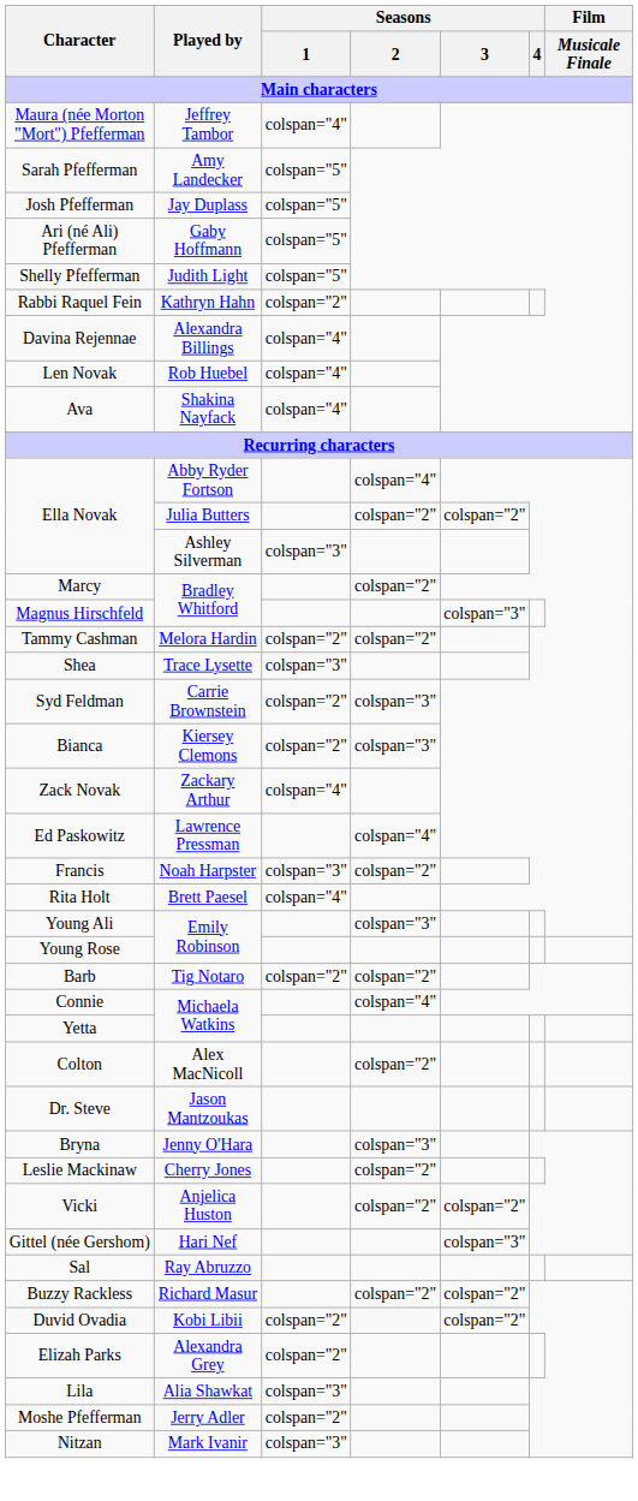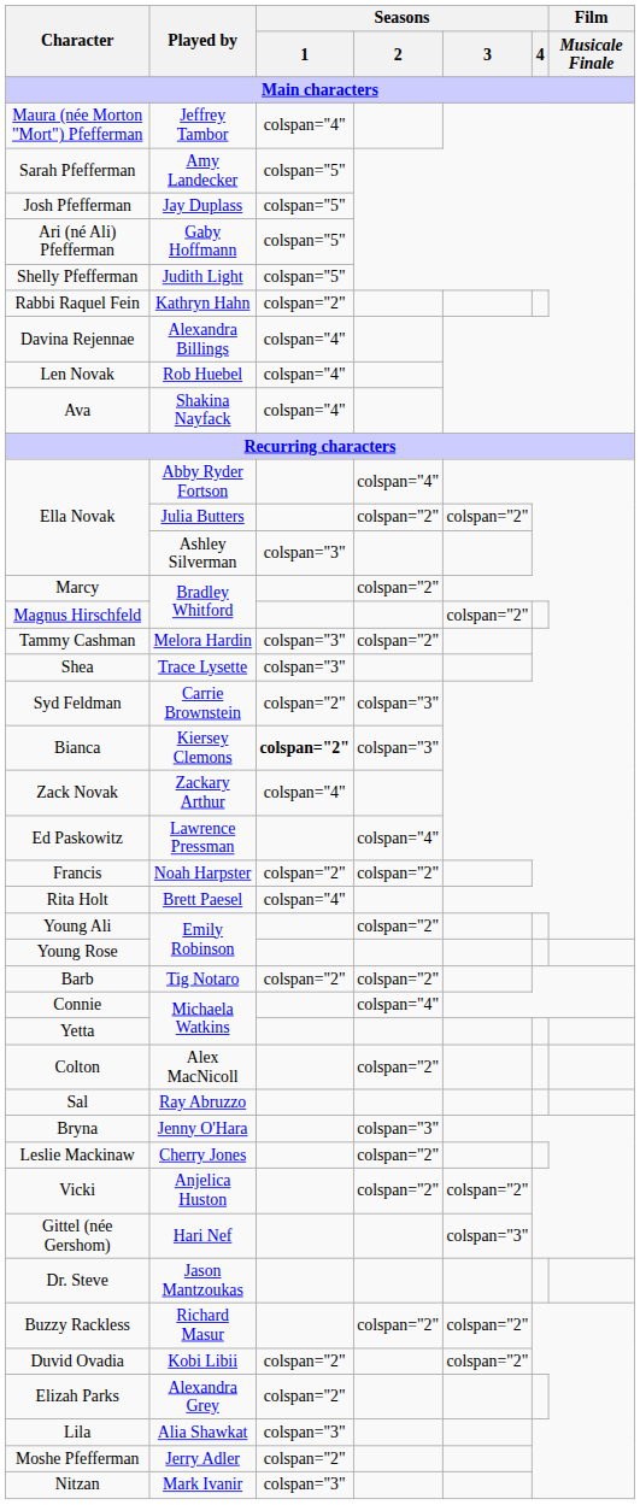 <table class="wikitable plainrowheaders" style="text-align:center;">
 <tr>
 <th scope="col" rowspan="2">Character</th>
 <th scope="col" rowspan="2">Played by</th>
 <th scope="col" colspan="4">Seasons</th>
 <th scope="col">Film</th>
 </tr>
 <tr>
 <th>1</th>
 <th>2</th>
 <th>3</th>
 <th>4</th>
 <th><em>Musicale Finale</em></th>
 </tr>
 <tr>
 <th colspan="7" style="background:#ccf;"><a href='#'>Main characters</a></th>
 </tr>
 <tr>
 <td scope="row"><a href='#'>Maura (née Morton "Mort") Pfefferman</a></td>
 <td><a href='#'>Jeffrey Tambor</a></td>
 <td>colspan="4" </td>
 <td></td>
 </tr>
 <tr>
 <td scope="row">Sarah Pfefferman</td>
 <td><a href='#'>Amy Landecker</a></td>
 <td>colspan="5" </td>
 </tr>
 <tr>
 <td scope="row">Josh Pfefferman</td>
 <td><a href='#'>Jay Duplass</a></td>
 <td>colspan="5" </td>
 </tr>
 <tr>
 <td scope="row">Ari (né Ali) Pfefferman</td>
 <td><a href='#'>Gaby Hoffmann</a></td>
 <td>colspan="5" </td>
 </tr>
 <tr>
 <td scope="row">Shelly Pfefferman</td>
 <td><a href='#'>Judith Light</a></td>
 <td>colspan="5" </td>
 </tr>
 <tr>
 <td scope="row">Rabbi Raquel Fein</td>
 <td><a href='#'>Kathryn Hahn</a></td>
 <td>colspan="2" </td>
 <td></td>
 <td></td>
 <td></td>
 </tr>
 <tr>
 <td scope="row">Davina Rejennae</td>
 <td><a href='#'>Alexandra Billings</a></td>
 <td>colspan="4" </td>
 <td></td>
 </tr>
 <tr>
 <td scope="row">Len Novak</td>
 <td><a href='#'>Rob Huebel</a></td>
 <td>colspan="4" </td>
 <td></td>
 </tr>
 <tr>
 <td scope="row">Ava</td>
 <td><a href='#'>Shakina Nayfack</a></td>
 <td>colspan="4" </td>
 <td></td>
 </tr>
 <tr>
 <th colspan="7" style="background:#ccf;"><a href='#'>Recurring characters</a></th>
 </tr>
 <tr>
 <td rowspan="3" scope="row">Ella Novak</td>
 <td><a href='#'>Abby Ryder Fortson</a></td>
 <td></td>
 <td>colspan="4" </td>
 </tr>
 <tr>
 <td><a href='#'>Julia Butters</a></td>
 <td></td>
 <td>colspan="2" </td>
 <td>colspan="2" </td>
 </tr>
 <tr>
 <td>Ashley Silverman</td>
 <td>colspan="3" </td>
 <td></td>
 <td></td>
 </tr>
 <tr>
 <td scope="row">Marcy</td>
 <td rowspan="2"><a href='#'>Bradley Whitford</a></td>
 <td></td>
 <td>colspan="2" </td>
 </tr>
 <tr>
 <td scope="row"><a href='#'>Magnus Hirschfeld</a></td>
 <td></td>
 <td></td>
-<td>colspan="3" </td>
+<td>colspan="2" </td>
 <td></td>
 </tr>
 <tr>
 <td scope="row">Tammy Cashman</td>
 <td><a href='#'>Melora Hardin</a></td>
-<td>colspan="2" </td>
+<td>colspan="3" </td>
 <td>colspan="2" </td>
 <td></td>
 </tr>
 <tr>
 <td scope="row">Shea</td>
 <td><a href='#'>Trace Lysette</a></td>
 <td>colspan="3" </td>
 <td></td>
 <td></td>
 </tr>
 <tr>
 <td scope="row">Syd Feldman</td>
 <td><a href='#'>Carrie Brownstein</a></td>
 <td>colspan="2"</td>
 <td>colspan="3" </td>
 </tr>
 <tr>
 <td scope="row">Bianca</td>
 <td><a href='#'>Kiersey Clemons</a></td>
-<td>colspan="2" </td>
+<td><strong>colspan="2" </strong></td>
 <td>colspan="3" </td>
 </tr>
 <tr>
 <td scope="row">Zack Novak</td>
 <td><a href='#'>Zackary Arthur</a></td>
 <td>colspan="4" </td>
 <td></td>
 </tr>
 <tr>
 <td scope="row">Ed Paskowitz</td>
 <td><a href='#'>Lawrence Pressman</a></td>
 <td></td>
 <td>colspan="4" </td>
 </tr>
 <tr>
 <td scope="row">Francis</td>
 <td><a href='#'>Noah Harpster</a></td>
-<td>colspan="3" </td>
+<td>colspan="2" </td>
 <td>colspan="2" </td>
 <td></td>
 </tr>
 <tr>
 <td scope="row">Rita Holt</td>
 <td><a href='#'>Brett Paesel</a></td>
 <td>colspan="4" </td>
 <td></td>
 </tr>
 <tr>
 <td scope="row">Young Ali</td>
 <td rowspan="2"><a href='#'>Emily Robinson</a></td>
 <td></td>
-<td>colspan="3" </td>
+<td>colspan="2" </td>
 <td></td>
 <td></td>
 </tr>
 <tr>
 <td scope="row">Young Rose</td>
 <td></td>
 <td></td>
 <td></td>
 <td></td>
 <td></td>
 </tr>
 <tr>
 <td scope="row">Barb</td>
 <td><a href='#'>Tig Notaro</a></td>
 <td>colspan="2" </td>
 <td>colspan="2" </td>
 <td></td>
 </tr>
 <tr>
 <td scope="row">Connie</td>
 <td rowspan="2"><a href='#'>Michaela Watkins</a></td>
 <td></td>
 <td>colspan="4" </td>
 </tr>
 <tr>
 <td scope="row">Yetta</td>
 <td></td>
 <td></td>
 <td></td>
 <td></td>
 <td></td>
 </tr>
 <tr>
 <td scope="row">Colton</td>
 <td>Alex MacNicoll</td>
 <td></td>
 <td>colspan="2" </td>
 <td></td>
 <td></td>
 </tr>
 <tr>
-<td scope="row">Dr. Steve</td>
-<td><a href='#'>Jason Mantzoukas</a></td>
+<td scope="row">Sal</td>
+<td><a href='#'>Ray Abruzzo</a></td>
 <td></td>
 <td></td>
 <td></td>
 <td></td>
 <td></td>
 </tr>
 <tr>
 <td scope="row">Bryna</td>
 <td><a href='#'>Jenny O'Hara</a></td>
 <td></td>
 <td>colspan="3" </td>
 <td></td>
 </tr>
 <tr>
 <td scope="row">Leslie Mackinaw</td>
 <td><a href='#'>Cherry Jones</a></td>
 <td></td>
 <td>colspan="2" </td>
 <td></td>
 <td></td>
 </tr>
 <tr>
 <td scope="row">Vicki</td>
 <td><a href='#'>Anjelica Huston</a></td>
 <td></td>
 <td>colspan="2" </td>
 <td>colspan="2" </td>
 </tr>
 <tr>
 <td scope="row">Gittel (née Gershom)</td>
 <td><a href='#'>Hari Nef</a></td>
 <td></td>
 <td></td>
 <td>colspan="3" </td>
 </tr>
 <tr>
-<td scope="row">Sal</td>
-<td><a href='#'>Ray Abruzzo</a></td>
+<td scope="row">Dr. Steve</td>
+<td><a href='#'>Jason Mantzoukas</a></td>
 <td></td>
 <td></td>
 <td></td>
 <td></td>
 <td></td>
 </tr>
 <tr>
 <td scope="row">Buzzy Rackless</td>
 <td><a href='#'>Richard Masur</a></td>
 <td></td>
 <td>colspan="2" </td>
 <td>colspan="2" </td>
 </tr>
 <tr>
 <td scope="row">Duvid Ovadia</td>
 <td><a href='#'>Kobi Libii</a></td>
 <td>colspan="2" </td>
 <td></td>
 <td>colspan="2" </td>
 </tr>
 <tr>
 <td scope="row">Elizah Parks</td>
 <td><a href='#'>Alexandra Grey</a></td>
 <td>colspan="2" </td>
 <td></td>
 <td></td>
 <td></td>
 </tr>
 <tr>
 <td scope="row">Lila</td>
 <td><a href='#'>Alia Shawkat</a></td>
 <td>colspan="3" </td>
 <td></td>
 <td></td>
 </tr>
 <tr>
 <td scope="row">Moshe Pfefferman</td>
 <td><a href='#'>Jerry Adler</a></td>
 <td>colspan="2" </td>
 <td></td>
 <td></td>
 </tr>
 <tr>
 <td scope="row">Nitzan</td>
 <td><a href='#'>Mark Ivanir</a></td>
 <td>colspan="3" </td>
 <td></td>
 <td></td>
 </tr>
 </table>
